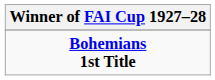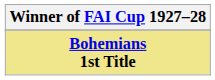 <table class="wikitable" style="text-align: center; margin: 0 auto;">
 <tr>
 <th>Winner of <a href='#'>FAI Cup</a> 1927–28</th>
 </tr>
 <tr>
 </tr>
 <tr>
-<td><strong><a href='#'>Bohemians</a></strong><br><strong>1st Title</strong></td>
+<td style="background: khaki;"><strong><a href='#'>Bohemians</a></strong><br><strong>1st Title</strong></td>
 </tr>
 </table>
